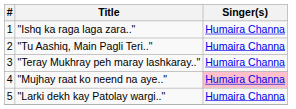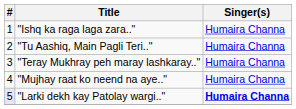 <table class="wikitable">
 <tr>
 <th>#</th>
 <th>Title</th>
 <th>Singer(s)</th>
 </tr>
 <tr>
 <td>1</td>
 <td>"Ishq ka raga laga zara.."</td>
 <td><a href='#'>Humaira Channa</a></td>
 </tr>
 <tr>
 <td>2</td>
 <td>"Tu Aashiq, Main Pagli Teri.."</td>
 <td><a href='#'>Humaira Channa</a></td>
 </tr>
 <tr>
 <td>3</td>
 <td>"Teray Mukhray peh maray lashkaray.."</td>
 <td><a href='#'>Humaira Channa</a></td>
 </tr>
 <tr>
 <td>4</td>
 <td>"Mujhay raat ko neend na aye.."</td>
-<td style="background: pink;"><a href='#'>Humaira Channa</a></td>
+<td><a href='#'>Humaira Channa</a></td>
 </tr>
 <tr>
-<td>5</td>
+<td style="background: lavender;">5</td>
 <td>"Larki dekh kay Patolay wargi.."</td>
-<td><a href='#'>Humaira Channa</a></td>
+<td><strong><a href='#'>Humaira Channa</a></strong></td>
 </tr>
 <tr>
 </tr>
 </table>
